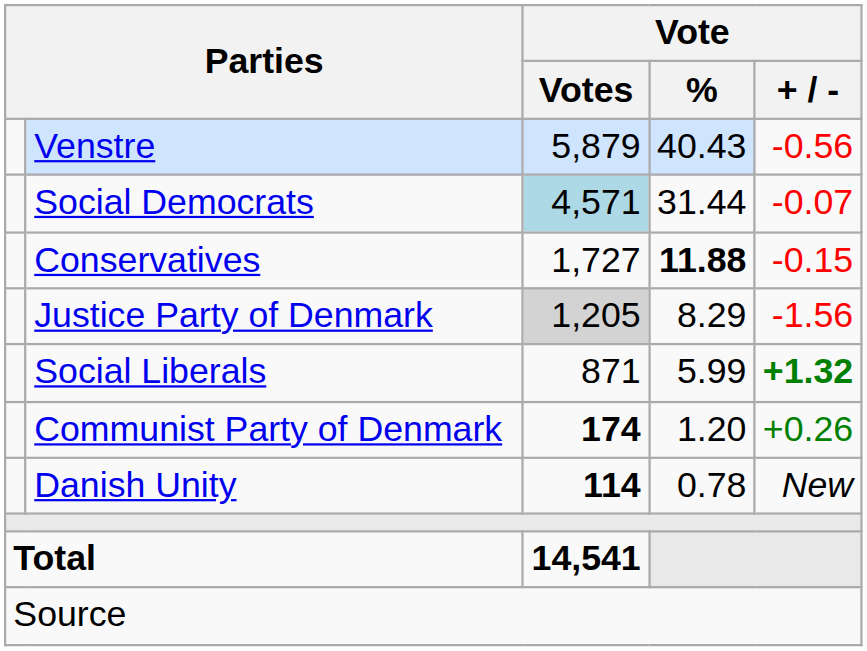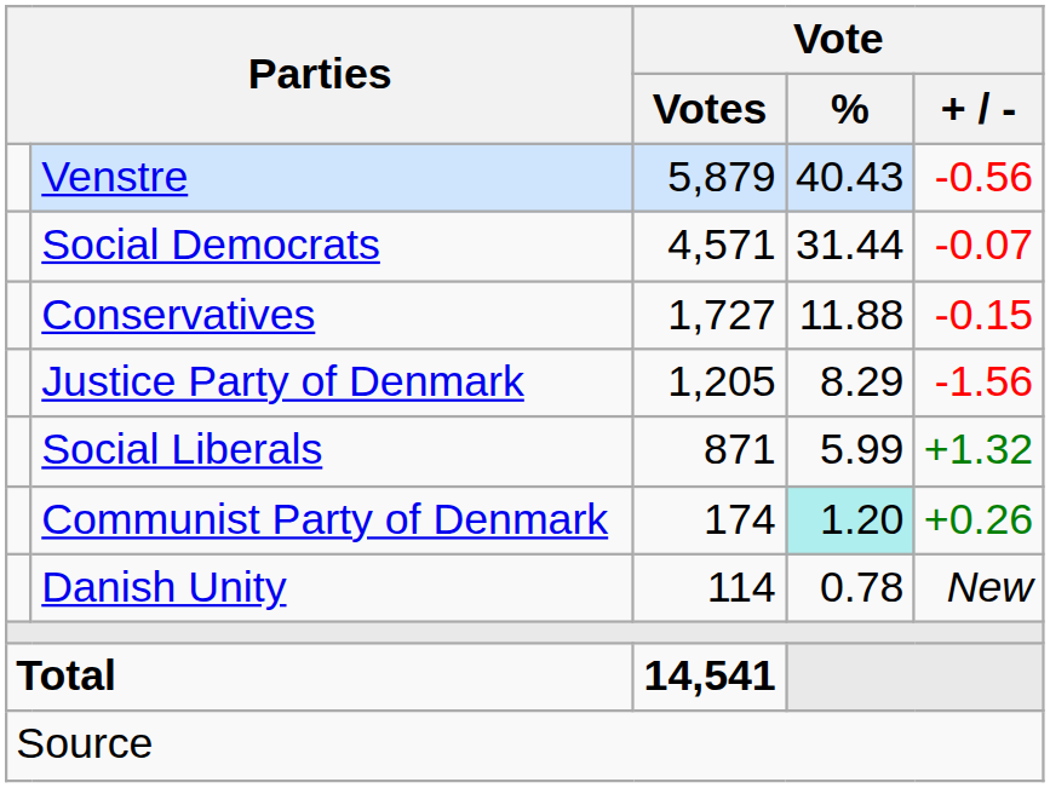 <table class="wikitable" style="text-align:right;">
 <tr>
 <th style="text-align:centre;" rowspan="2" colspan="2" width="225">Parties</th>
 <th colspan="3">Vote</th>
 </tr>
 <tr>
 <th width="15">Votes</th>
 <th width="15">%</th>
 <th width="15">+ / -</th>
 </tr>
 <tr>
 <td width="2" style="color:inherit;background:"></td>
 <td bgcolor=#cfe5fe  align="left"><a href='#'>Venstre</a></td>
 <td bgcolor=#cfe5fe>5,879</td>
 <td bgcolor=#cfe5fe>40.43</td>
 <td style=color:red;>-0.56</td>
 </tr>
 <tr>
 <td width="2" style="color:inherit;background:"></td>
 <td align="left"><a href='#'>Social Democrats</a></td>
-<td style="background: lightblue;">4,571</td>
+<td>4,571</td>
 <td>31.44</td>
 <td style=color:red;>-0.07</td>
 </tr>
 <tr>
 <td width="2" style="color:inherit;background:"></td>
 <td align="left"><a href='#'>Conservatives</a></td>
 <td>1,727</td>
-<td><strong>11.88</strong></td>
+<td>11.88</td>
 <td style=color:red;>-0.15</td>
 </tr>
 <tr>
 <td width="2" style="color:inherit;background:"></td>
 <td align="left"><a href='#'>Justice Party of Denmark</a></td>
-<td style="background: lightgrey;">1,205</td>
+<td>1,205</td>
 <td>8.29</td>
 <td style=color:red;>-1.56</td>
 </tr>
 <tr>
 <td width="2" style="color:inherit;background:"></td>
 <td align="left"><a href='#'>Social Liberals</a></td>
 <td>871</td>
 <td>5.99</td>
-<td style=color:green;><strong>+1.32</strong></td>
+<td style=color:green;>+1.32</td>
 </tr>
 <tr>
 <td width="2" style="color:inherit;background:"></td>
 <td align="left"><a href='#'>Communist Party of Denmark</a></td>
-<td><strong>174</strong></td>
-<td>1.20</td>
+<td>174</td>
+<td style="background: paleturquoise;">1.20</td>
 <td style=color:green;>+0.26</td>
 </tr>
 <tr>
 <td width="2" style="color:inherit;background:"></td>
 <td align="left"><a href='#'>Danish Unity</a></td>
-<td><strong>114</strong></td>
+<td>114</td>
 <td>0.78</td>
 <td><em>New</em></td>
 </tr>
 <tr>
 <td colspan="7" bgcolor="#E9E9E9"></td>
 </tr>
 <tr>
 <td align="left" colspan="2"><strong>Total</strong></td>
 <td><strong>14,541</strong></td>
 <td bgcolor="#E9E9E9" colspan="2"></td>
 </tr>
 <tr>
 <td align="left" colspan="6">Source</td>
 </tr>
 </table>
